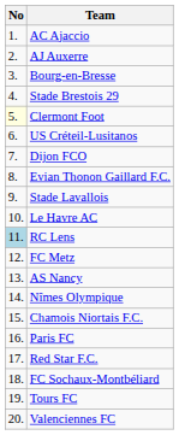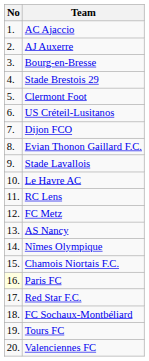 <table class="wikitable" style="text-align: left">
 <tr>
 <th>No</th>
 <th>Team</th>
 </tr>
 <tr>
 <td>1.</td>
 <td><a href='#'>AC Ajaccio</a></td>
 </tr>
 <tr>
 <td>2.</td>
 <td><a href='#'>AJ Auxerre</a></td>
 </tr>
 <tr>
 <td>3.</td>
 <td><a href='#'>Bourg-en-Bresse</a></td>
 </tr>
 <tr>
 <td>4.</td>
 <td><a href='#'>Stade Brestois 29</a></td>
 </tr>
 <tr>
-<td style="background: lightyellow;">5.</td>
+<td>5.</td>
 <td><a href='#'>Clermont Foot</a></td>
 </tr>
 <tr>
 <td>6.</td>
 <td><a href='#'>US Créteil-Lusitanos</a></td>
 </tr>
 <tr>
 <td>7.</td>
 <td><a href='#'>Dijon FCO</a></td>
 </tr>
 <tr>
 <td>8.</td>
 <td><a href='#'>Evian Thonon Gaillard F.C.</a></td>
 </tr>
 <tr>
 <td>9.</td>
 <td><a href='#'>Stade Lavallois</a></td>
 </tr>
 <tr>
 <td>10.</td>
 <td><a href='#'>Le Havre AC</a></td>
 </tr>
 <tr>
-<td style="background: lightblue;">11.</td>
+<td>11.</td>
 <td><a href='#'>RC Lens</a></td>
 </tr>
 <tr>
 <td>12.</td>
 <td><a href='#'>FC Metz</a></td>
 </tr>
 <tr>
 <td>13.</td>
 <td><a href='#'>AS Nancy</a></td>
 </tr>
 <tr>
 <td>14.</td>
 <td><a href='#'>Nîmes Olympique</a></td>
 </tr>
 <tr>
 <td>15.</td>
 <td><a href='#'>Chamois Niortais F.C.</a></td>
 </tr>
 <tr>
-<td>16.</td>
+<td style="background: lightyellow;">16.</td>
 <td><a href='#'>Paris FC</a></td>
 </tr>
 <tr>
 <td>17.</td>
 <td><a href='#'>Red Star F.C.</a></td>
 </tr>
 <tr>
 <td>18.</td>
 <td><a href='#'>FC Sochaux-Montbéliard</a></td>
 </tr>
 <tr>
 <td>19.</td>
 <td><a href='#'>Tours FC</a></td>
 </tr>
 <tr>
 <td>20.</td>
 <td><a href='#'>Valenciennes FC</a></td>
 </tr>
 </table>
